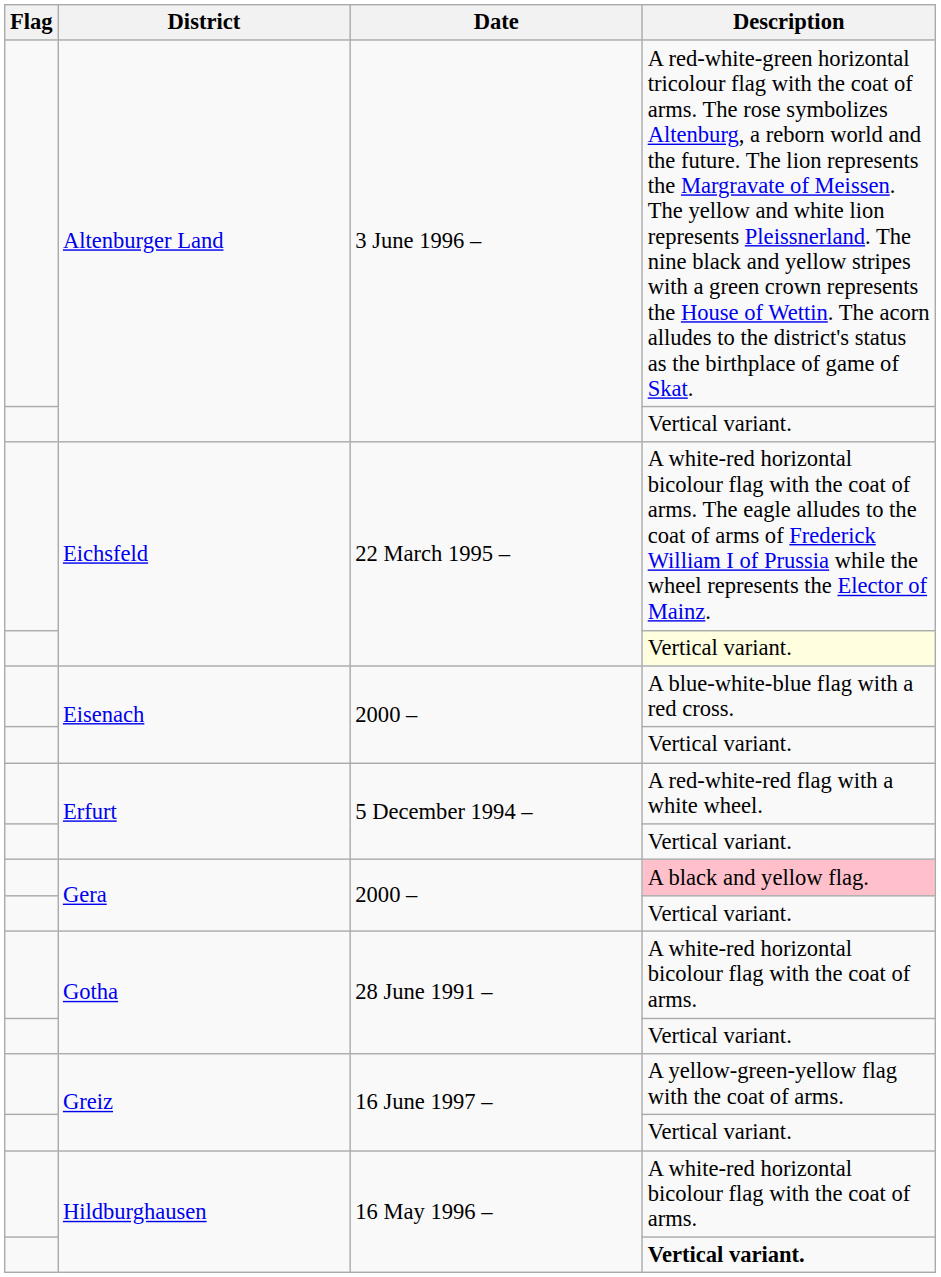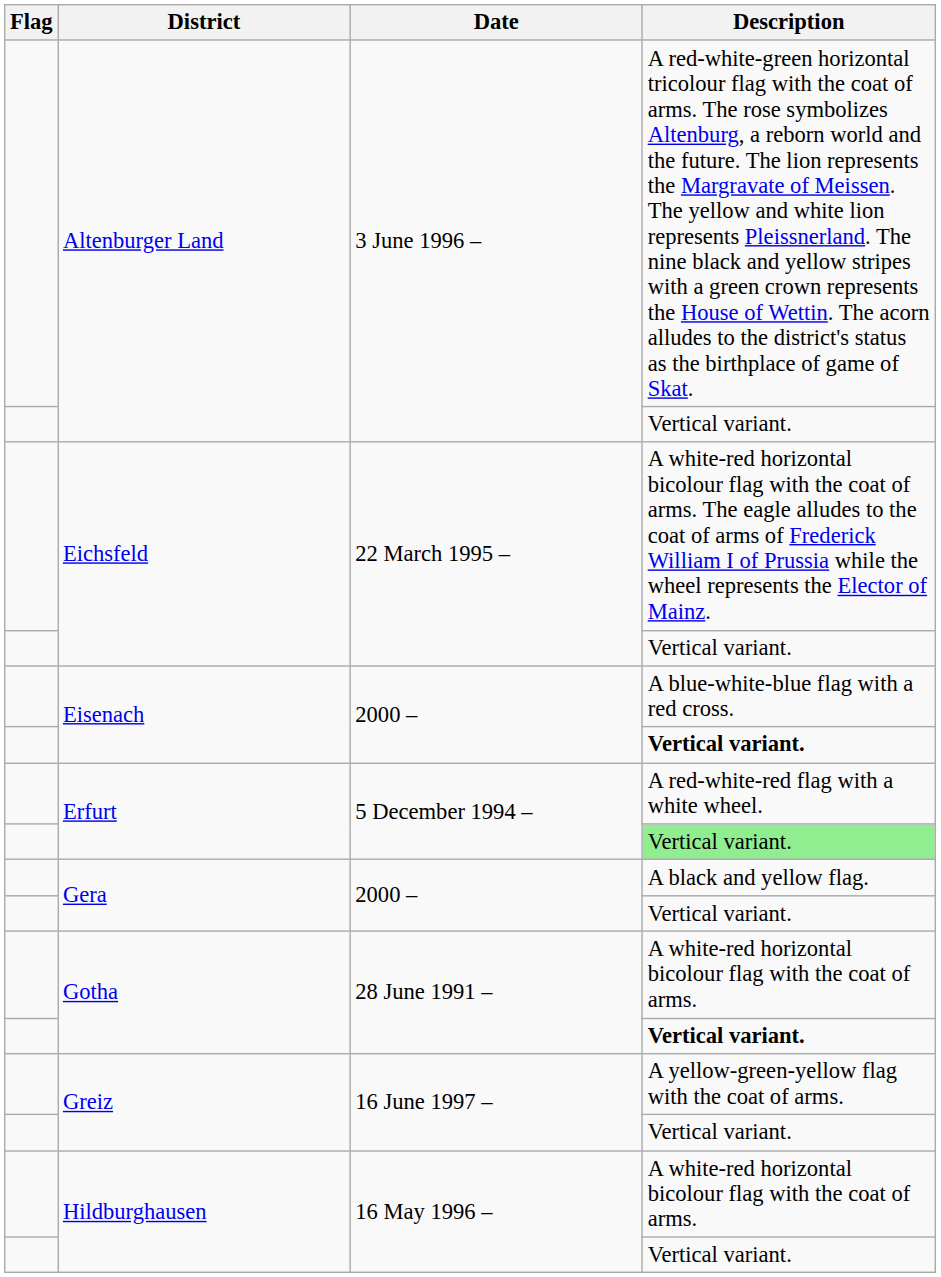 <table class="wikitable">
 <tr>
 <th>Flag</th>
 <th style="width:200px;">District</th>
 <th style="width:200px;">Date</th>
 <th style="width:200px;">Description</th>
 </tr>
 <tr>
 <td></td>
 <td rowspan="2"><a href='#'>Altenburger Land</a></td>
 <td rowspan="2">3 June 1996 –</td>
 <td>A red-white-green horizontal tricolour flag with the coat of arms. The rose symbolizes <a href='#'>Altenburg</a>, a reborn world and the future. The lion represents the <a href='#'>Margravate of Meissen</a>. The yellow and white lion represents <a href='#'>Pleissnerland</a>. The nine black and yellow stripes with a green crown represents the <a href='#'>House of Wettin</a>. The acorn alludes to the district's status as the birthplace of game of <a href='#'>Skat</a>.</td>
 </tr>
 <tr>
 <td></td>
 <td>Vertical variant.</td>
 </tr>
 <tr>
 <td></td>
 <td rowspan="2"><a href='#'>Eichsfeld</a></td>
 <td rowspan="2">22 March 1995 –</td>
 <td>A white-red horizontal bicolour flag with the coat of arms. The eagle alludes to the coat of arms of <a href='#'>Frederick William I of Prussia</a> while the wheel represents the <a href='#'>Elector of Mainz</a>.</td>
 </tr>
 <tr>
 <td></td>
-<td style="background: lightyellow;">Vertical variant.</td>
+<td>Vertical variant.</td>
 </tr>
 <tr>
 <td></td>
 <td rowspan="2"><a href='#'>Eisenach</a></td>
 <td rowspan="2">2000 –</td>
 <td>A blue-white-blue flag with a red cross.</td>
 </tr>
 <tr>
 <td></td>
-<td>Vertical variant.</td>
+<td><strong>Vertical variant.</strong></td>
 </tr>
 <tr>
 <td></td>
 <td rowspan="2"><a href='#'>Erfurt</a></td>
 <td rowspan="2">5 December 1994 –</td>
 <td>A red-white-red flag with a white wheel.</td>
 </tr>
 <tr>
 <td></td>
-<td>Vertical variant.</td>
+<td style="background: lightgreen;">Vertical variant.</td>
 </tr>
 <tr>
 <td></td>
 <td rowspan="2"><a href='#'>Gera</a></td>
 <td rowspan="2">2000 –</td>
-<td style="background: pink;">A black and yellow flag.</td>
+<td>A black and yellow flag.</td>
 </tr>
 <tr>
 <td></td>
 <td>Vertical variant.</td>
 </tr>
 <tr>
 <td></td>
 <td rowspan="2"><a href='#'>Gotha</a></td>
 <td rowspan="2">28 June 1991 –</td>
 <td>A white-red horizontal bicolour flag with the coat of arms.</td>
 </tr>
 <tr>
 <td></td>
-<td>Vertical variant.</td>
+<td><strong>Vertical variant.</strong></td>
 </tr>
 <tr>
 <td></td>
 <td rowspan="2"><a href='#'>Greiz</a></td>
 <td rowspan="2">16 June 1997 –</td>
 <td>A yellow-green-yellow flag with the coat of arms.</td>
 </tr>
 <tr>
 <td></td>
 <td>Vertical variant.</td>
 </tr>
 <tr>
 <td></td>
 <td rowspan="2"><a href='#'>Hildburghausen</a></td>
 <td rowspan="2">16 May 1996 –</td>
 <td>A white-red horizontal bicolour flag with the coat of arms.</td>
 </tr>
 <tr>
 <td></td>
-<td><strong>Vertical variant.</strong></td>
+<td>Vertical variant.</td>
 </tr>
 </table>
